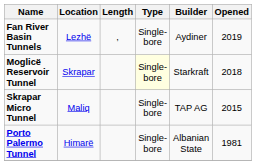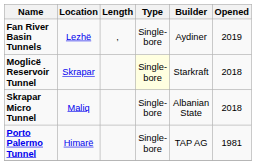 <table class="wikitable sortable" width="65%" style="font-size:95%;">
 <tr>
 <th>Name</th>
 <th>Location</th>
 <th>Length</th>
 <th>Type</th>
 <th>Builder</th>
 <th>Opened</th>
 </tr>
 <tr>
 <td><strong>Fan River Basin Tunnels</strong></td>
 <td align="center"><a href='#'>Lezhë</a></td>
 <td align="center">, </td>
 <td align="center">Single-bore</td>
 <td align="center">Aydiner</td>
 <td align="center">2019</td>
 </tr>
 <tr>
 <td><strong>Moglicë Reservoir Tunnel</strong></td>
 <td align="center"><a href='#'>Skrapar</a></td>
 <td align="center"></td>
 <td align="center" style="background: lightyellow;">Single-bore</td>
 <td align="center">Starkraft</td>
 <td align="center">2018</td>
 </tr>
 <tr>
 <td><strong>Skrapar Micro Tunnel</strong></td>
 <td align="center"><a href='#'>Maliq</a></td>
 <td align="center"></td>
 <td align="center">Single-bore</td>
-<td align="center">TAP AG</td>
-<td align="center">2015</td>
+<td align="center">Albanian State</td>
+<td align="center">2018</td>
 </tr>
 <tr>
 <td><strong><a href='#'>Porto Palermo Tunnel</a></strong></td>
 <td align="center"><a href='#'>Himarë</a></td>
 <td align="center"></td>
 <td align="center">Single-bore</td>
-<td align="center">Albanian State</td>
+<td align="center">TAP AG</td>
 <td align="center">1981</td>
 </tr>
 <tr>
 </tr>
 </table>
